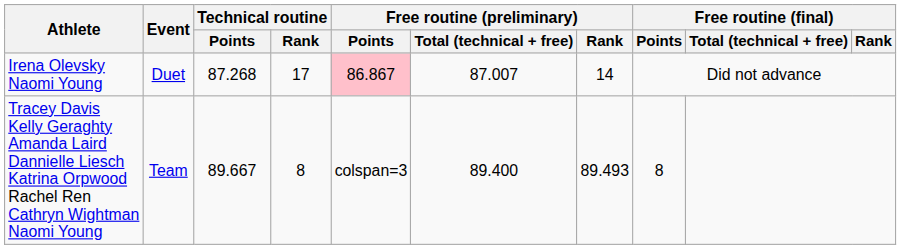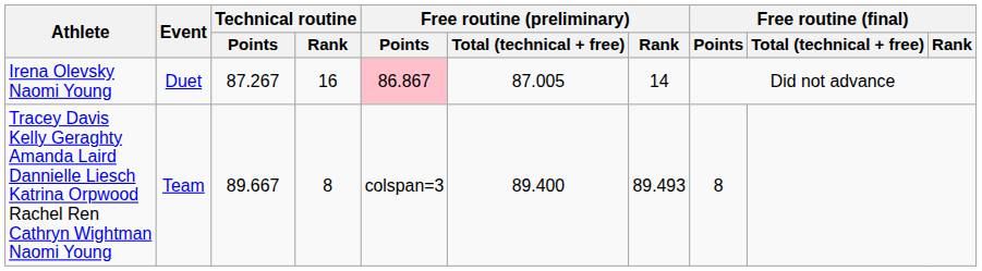 <table class="wikitable" style="font-size:90%">
 <tr>
 <th rowspan=2>Athlete</th>
 <th rowspan=2>Event</th>
 <th colspan=2>Technical routine</th>
 <th colspan=3>Free routine (preliminary)</th>
 <th colspan=3>Free routine (final)</th>
 </tr>
 <tr style="font-size:95%">
 <th>Points</th>
 <th>Rank</th>
 <th>Points</th>
 <th>Total (technical + free)</th>
 <th>Rank</th>
 <th>Points</th>
 <th>Total (technical + free)</th>
 <th>Rank</th>
 </tr>
 <tr align=center>
 <td align=left><a href='#'>Irena Olevsky</a><br><a href='#'>Naomi Young</a></td>
 <td><a href='#'>Duet</a></td>
-<td>87.268</td>
-<td>17</td>
+<td>87.267</td>
+<td>16</td>
 <td style="background: pink;">86.867</td>
-<td>87.007</td>
+<td>87.005</td>
 <td>14</td>
 <td colspan=3>Did not advance</td>
 </tr>
 <tr align=center>
 <td align=left><a href='#'>Tracey Davis</a><br> <a href='#'>Kelly Geraghty</a><br><a href='#'>Amanda Laird</a><br> <a href='#'>Dannielle Liesch</a><br><a href='#'>Katrina Orpwood</a><br> Rachel Ren<br> <a href='#'>Cathryn Wightman</a><br><a href='#'>Naomi Young</a></td>
 <td><a href='#'>Team</a></td>
 <td>89.667</td>
 <td>8</td>
 <td>colspan=3 </td>
 <td>89.400</td>
 <td>89.493</td>
 <td>8</td>
 </tr>
 </table>
